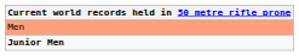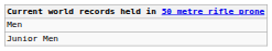 <table class="wikitable" style="font-size: 95%">
 <tr>
 <th colspan=9>Current world records held in <a href='#'>50 metre rifle prone</a></th>
 </tr>
 <tr>
-<td style="background: lightsalmon;">Men<br></td>
+<td>Men<br></td>
 </tr>
 <tr>
-<td><strong>Junior Men<br></strong></td>
+<td>Junior Men<br></td>
 </tr>
 </table>
